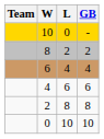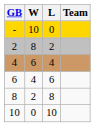 <table class="wikitable" style="text-align:center;">
 <tr>
-<th>Team</th>
+<th width=20px><a href='#'>GB</a></th>
 <th width=20px>W</th>
 <th width=20px>L</th>
-<th width=20px><a href='#'>GB</a></th>
+<th>Team</th>
 </tr>
 <tr bgcolor=gold>
-<td align="left"></td>
+<td>-</td>
 <td>10</td>
 <td>0</td>
-<td>-</td>
+<td align="left"></td>
 </tr>
 <tr bgcolor=silver>
-<td align="left"></td>
+<td>2</td>
 <td>8</td>
 <td>2</td>
-<td>2</td>
+<td align="left"></td>
 </tr>
 <tr bgcolor="CC9966">
-<td align="left"></td>
+<td>4</td>
 <td>6</td>
 <td>4</td>
-<td>4</td>
+<td align="left"></td>
 </tr>
 <tr>
-<td align="left"></td>
+<td>6</td>
 <td>4</td>
 <td>6</td>
-<td>6</td>
+<td align="left"></td>
 </tr>
 <tr>
-<td align="left"></td>
+<td>8</td>
 <td>2</td>
 <td>8</td>
-<td>8</td>
+<td align="left"></td>
 </tr>
 <tr>
-<td align="left"></td>
+<td>10</td>
 <td>0</td>
 <td>10</td>
-<td>10</td>
+<td align="left"></td>
 </tr>
 </table>
